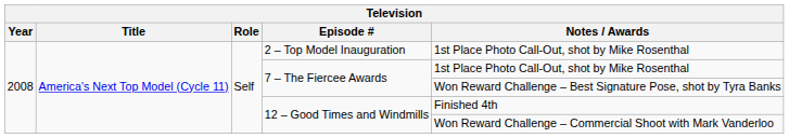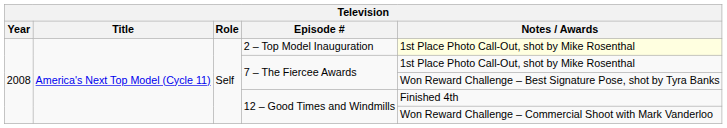 <table class="wikitable">
 <tr>
 <th colspan="5">Television</th>
 </tr>
 <tr>
 <th>Year</th>
 <th>Title</th>
 <th>Role</th>
 <th>Episode #</th>
 <th>Notes / Awards</th>
 </tr>
 <tr>
 <td rowspan="5">2008</td>
 <td rowspan="5"><a href='#'>America's Next Top Model (Cycle 11)</a></td>
 <td rowspan="5">Self</td>
 <td>2 – Top Model Inauguration</td>
-<td>1st Place Photo Call-Out, shot by Mike Rosenthal</td>
+<td style="background: lightyellow;">1st Place Photo Call-Out, shot by Mike Rosenthal</td>
 </tr>
 <tr>
 <td rowspan="2">7 – The Fiercee Awards</td>
 <td>1st Place Photo Call-Out, shot by Mike Rosenthal</td>
 </tr>
 <tr>
 <td>Won Reward Challenge – Best Signature Pose, shot by Tyra Banks</td>
 </tr>
 <tr>
 <td rowspan="2">12 – Good Times and Windmills</td>
 <td>Finished 4th</td>
 </tr>
 <tr>
 <td>Won Reward Challenge – Commercial Shoot with Mark Vanderloo</td>
 </tr>
 </table>
